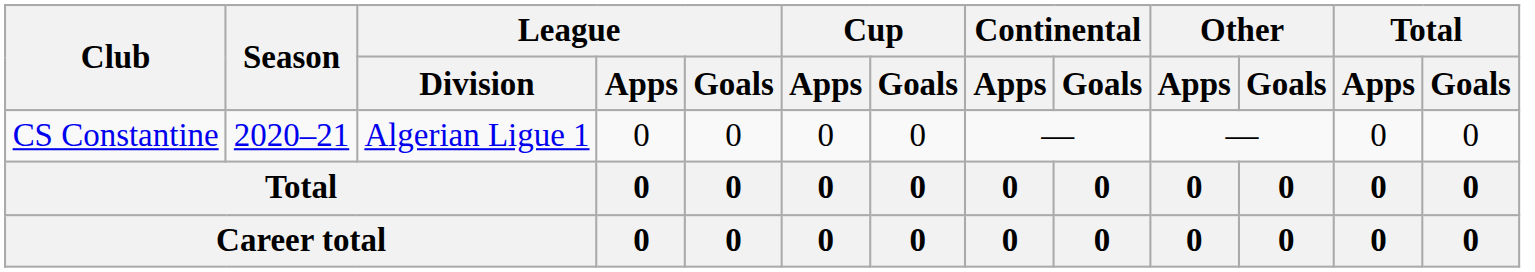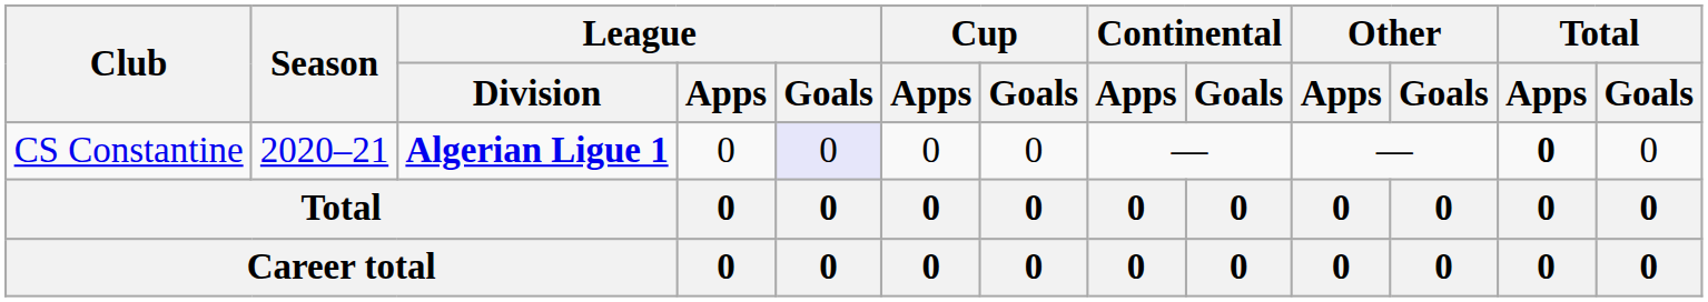 <table class="wikitable" style="text-align: center;">
 <tr>
 <th rowspan="2">Club</th>
 <th rowspan="2">Season</th>
 <th colspan="3">League</th>
 <th colspan="2">Cup</th>
 <th colspan="2">Continental</th>
 <th colspan="2">Other</th>
 <th colspan="2">Total</th>
 </tr>
 <tr>
 <th>Division</th>
 <th>Apps</th>
 <th>Goals</th>
 <th>Apps</th>
 <th>Goals</th>
 <th>Apps</th>
 <th>Goals</th>
 <th>Apps</th>
 <th>Goals</th>
 <th>Apps</th>
 <th>Goals</th>
 </tr>
 <tr>
 <td valign="center"><a href='#'>CS Constantine</a></td>
 <td><a href='#'>2020–21</a></td>
-<td><a href='#'>Algerian Ligue 1</a></td>
+<td><strong><a href='#'>Algerian Ligue 1</a></strong></td>
 <td>0</td>
-<td>0</td>
+<td style="background: lavender;">0</td>
 <td>0</td>
 <td>0</td>
 <td colspan=2>—</td>
 <td colspan=2>—</td>
-<td>0</td>
+<td><strong>0</strong></td>
 <td>0</td>
 </tr>
 <tr>
 <th colspan="3">Total</th>
 <th>0</th>
 <th>0</th>
 <th>0</th>
 <th>0</th>
 <th>0</th>
 <th>0</th>
 <th>0</th>
 <th>0</th>
 <th>0</th>
 <th>0</th>
 </tr>
 <tr>
 <th colspan="3">Career total</th>
 <th>0</th>
 <th>0</th>
 <th>0</th>
 <th>0</th>
 <th>0</th>
 <th>0</th>
 <th>0</th>
 <th>0</th>
 <th>0</th>
 <th>0</th>
 </tr>
 </table>
